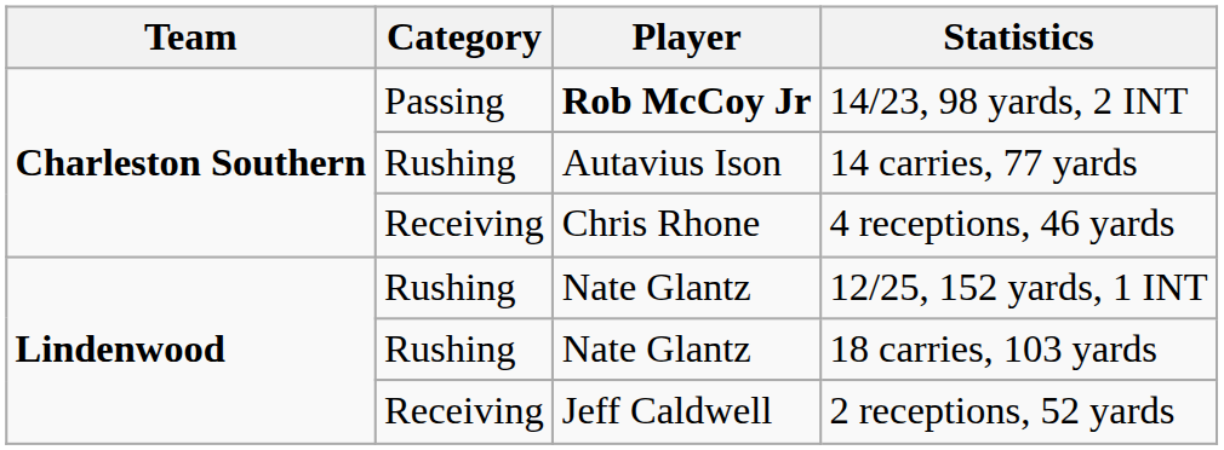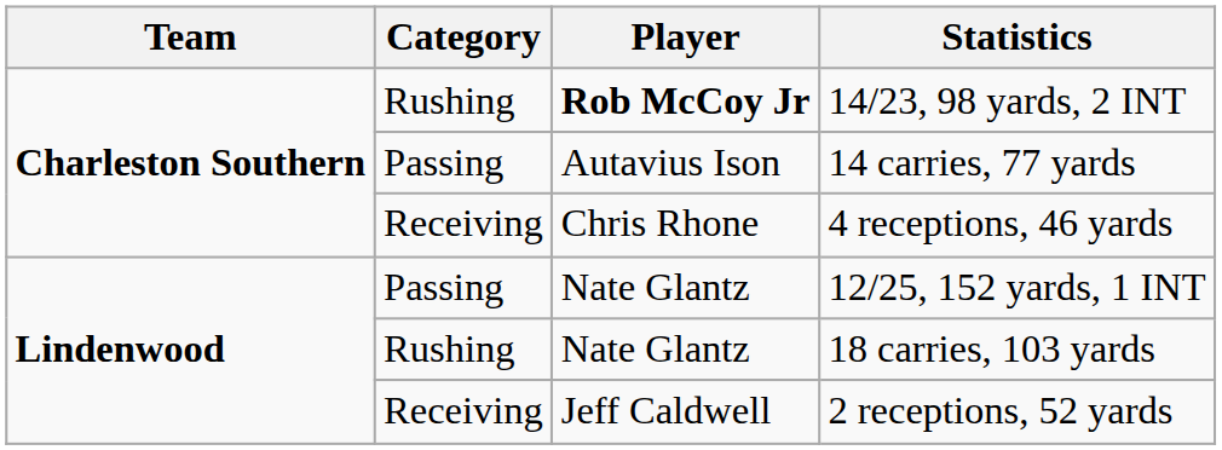 <table class="wikitable" style="float: right;">
 <tr>
 <th>Team</th>
 <th>Category</th>
 <th>Player</th>
 <th>Statistics</th>
 </tr>
 <tr>
 <td rowspan=3><strong>Charleston Southern</strong></td>
-<td>Passing</td>
+<td>Rushing</td>
 <td><strong>Rob McCoy Jr</strong></td>
 <td>14/23, 98 yards, 2 INT</td>
 </tr>
 <tr>
-<td>Rushing</td>
+<td>Passing</td>
 <td>Autavius Ison</td>
 <td>14 carries, 77 yards</td>
 </tr>
 <tr>
 <td>Receiving</td>
 <td>Chris Rhone</td>
 <td>4 receptions, 46 yards</td>
 </tr>
 <tr>
 <td rowspan=3><strong>Lindenwood</strong></td>
-<td>Rushing</td>
+<td>Passing</td>
 <td>Nate Glantz</td>
 <td>12/25, 152 yards, 1 INT</td>
 </tr>
 <tr>
 <td>Rushing</td>
 <td>Nate Glantz</td>
 <td>18 carries, 103 yards</td>
 </tr>
 <tr>
 <td>Receiving</td>
 <td>Jeff Caldwell</td>
 <td>2 receptions, 52 yards</td>
 </tr>
 </table>
